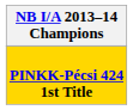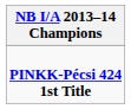 <table class="wikitable" style="text-align: center; margin: 0 auto;">
 <tr>
 <th><a href='#'>NB I/A</a> 2013–14<br>Champions</th>
 </tr>
 <tr>
 </tr>
 <tr>
-<td style="background: gold;"><br><strong><a href='#'>PINKK-Pécsi 424</a></strong><br><strong>1st Title</strong></td>
+<td><br><strong><a href='#'>PINKK-Pécsi 424</a></strong><br><strong>1st Title</strong></td>
 </tr>
 </table>
